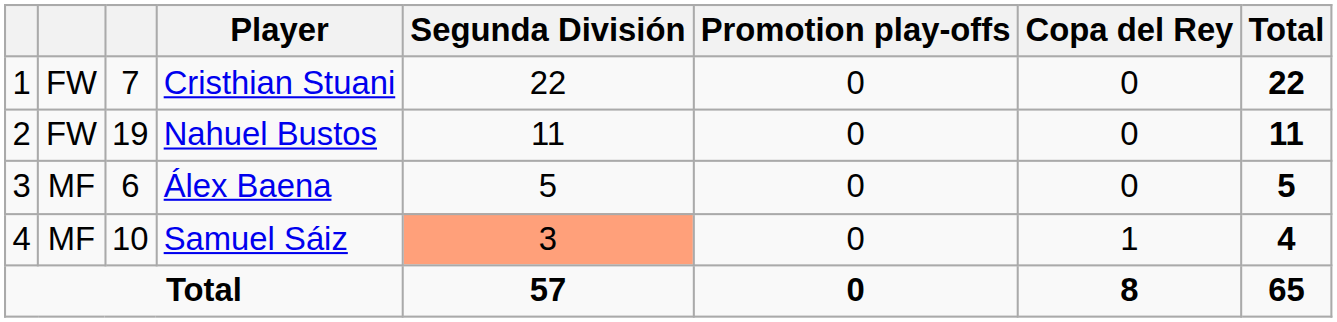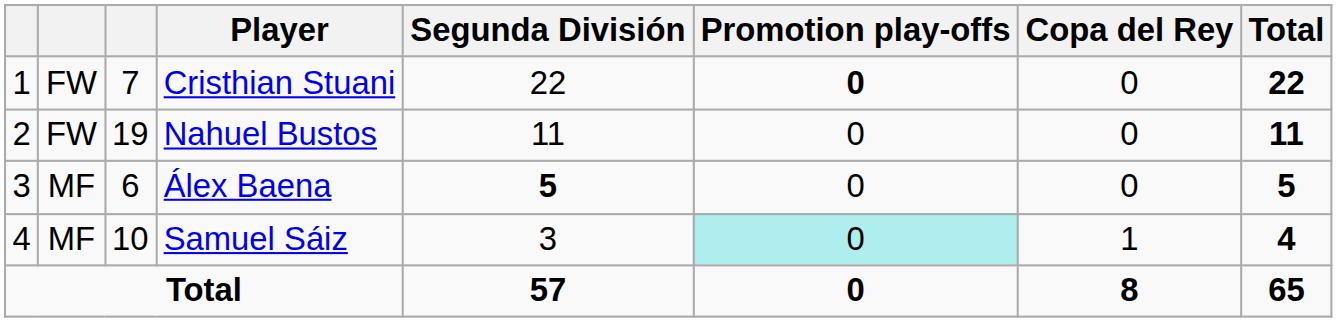 <table class="wikitable sortable" style="text-align:center">
 <tr>
 <th></th>
 <th></th>
 <th></th>
 <th>Player</th>
 <th>Segunda División</th>
 <th>Promotion play-offs</th>
 <th>Copa del Rey</th>
 <th><strong>Total</strong></th>
 </tr>
 <tr>
 <td>1</td>
 <td>FW</td>
 <td>7</td>
 <td style="text-align:left;"> <a href='#'>Cristhian Stuani</a></td>
 <td>22</td>
-<td>0</td>
+<td><strong>0</strong></td>
 <td>0</td>
 <td><strong>22</strong></td>
 </tr>
 <tr>
 <td>2</td>
 <td>FW</td>
 <td>19</td>
 <td style="text-align:left;"> <a href='#'>Nahuel Bustos</a></td>
 <td>11</td>
 <td>0</td>
 <td>0</td>
 <td><strong>11</strong></td>
 </tr>
 <tr>
 <td>3</td>
 <td>MF</td>
 <td>6</td>
 <td style="text-align:left;"> <a href='#'>Álex Baena</a></td>
-<td>5</td>
+<td><strong>5</strong></td>
 <td>0</td>
 <td>0</td>
 <td><strong>5</strong></td>
 </tr>
 <tr>
 <td>4</td>
 <td>MF</td>
 <td>10</td>
 <td style="text-align:left;"> <a href='#'>Samuel Sáiz</a></td>
-<td style="background: lightsalmon;">3</td>
-<td>0</td>
+<td>3</td>
+<td style="background: paleturquoise;">0</td>
 <td>1</td>
 <td><strong>4</strong></td>
 </tr>
 <tr class="sortbottom">
 <td colspan="4"><strong>Total</strong></td>
 <td><strong>57</strong></td>
 <td><strong>0</strong></td>
 <td><strong>8</strong></td>
 <td><strong>65</strong></td>
 </tr>
 </table>
